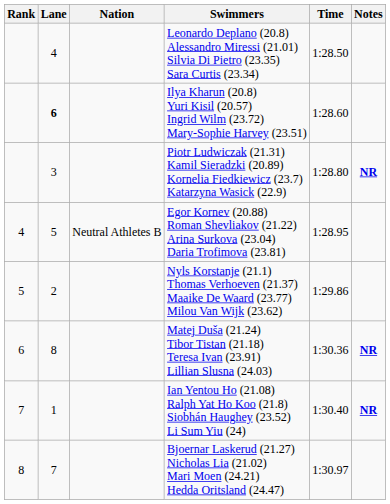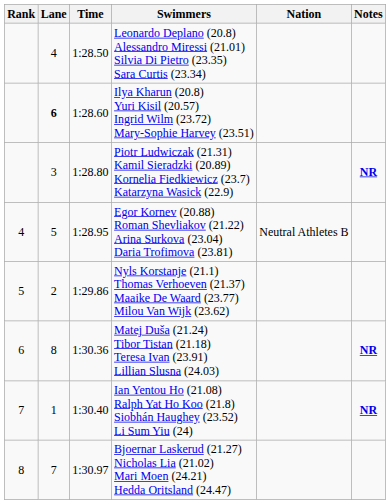 <table class="wikitable sortable" style="text-align:center">
 <tr>
 <th>Rank</th>
 <th>Lane</th>
+<th>Time</th>
+<th>Swimmers</th>
 <th>Nation</th>
-<th>Swimmers</th>
-<th>Time</th>
 <th>Notes</th>
 </tr>
 <tr>
 <td></td>
 <td>4</td>
+<td>1:28.50</td>
+<td align="left"><a href='#'>Leonardo Deplano</a> (20.8)<br><a href='#'>Alessandro Miressi</a> (21.01)<br><a href='#'>Silvia Di Pietro</a> (23.35)<br><a href='#'>Sara Curtis</a> (23.34)</td>
 <td align=left></td>
-<td align="left"><a href='#'>Leonardo Deplano</a> (20.8)<br><a href='#'>Alessandro Miressi</a> (21.01)<br><a href='#'>Silvia Di Pietro</a> (23.35)<br><a href='#'>Sara Curtis</a> (23.34)</td>
-<td>1:28.50</td>
 <td></td>
 </tr>
 <tr>
 <td></td>
 <td><strong>6</strong></td>
+<td>1:28.60</td>
+<td align="left"><a href='#'>Ilya Kharun</a> (20.8)<br><a href='#'>Yuri Kisil</a> (20.57)<br><a href='#'>Ingrid Wilm</a> (23.72)<br><a href='#'>Mary-Sophie Harvey</a> (23.51)</td>
 <td align=left></td>
-<td align="left"><a href='#'>Ilya Kharun</a> (20.8)<br><a href='#'>Yuri Kisil</a> (20.57)<br><a href='#'>Ingrid Wilm</a> (23.72)<br><a href='#'>Mary-Sophie Harvey</a> (23.51)</td>
-<td>1:28.60</td>
 <td></td>
 </tr>
 <tr>
 <td></td>
 <td>3</td>
+<td>1:28.80</td>
+<td align="left"><a href='#'>Piotr Ludwiczak</a> (21.31)<br><a href='#'>Kamil Sieradzki</a> (20.89)<br><a href='#'>Kornelia Fiedkiewicz</a> (23.7)<br><a href='#'>Katarzyna Wasick</a> (22.9)</td>
 <td align=left></td>
-<td align="left"><a href='#'>Piotr Ludwiczak</a> (21.31)<br><a href='#'>Kamil Sieradzki</a> (20.89)<br><a href='#'>Kornelia Fiedkiewicz</a> (23.7)<br><a href='#'>Katarzyna Wasick</a> (22.9)</td>
-<td>1:28.80</td>
 <td><strong><a href='#'>NR</a></strong></td>
 </tr>
 <tr>
 <td>4</td>
 <td>5</td>
+<td>1:28.95</td>
+<td align="left"><a href='#'>Egor Kornev</a> (20.88)<br><a href='#'>Roman Shevliakov</a> (21.22)<br><a href='#'>Arina Surkova</a> (23.04)<br><a href='#'>Daria Trofimova</a> (23.81)</td>
 <td align=left> Neutral Athletes B</td>
-<td align="left"><a href='#'>Egor Kornev</a> (20.88)<br><a href='#'>Roman Shevliakov</a> (21.22)<br><a href='#'>Arina Surkova</a> (23.04)<br><a href='#'>Daria Trofimova</a> (23.81)</td>
-<td>1:28.95</td>
 <td></td>
 </tr>
 <tr>
 <td>5</td>
 <td>2</td>
+<td>1:29.86</td>
+<td align="left"><a href='#'>Nyls Korstanje</a> (21.1)<br><a href='#'>Thomas Verhoeven</a> (21.37)<br><a href='#'>Maaike De Waard</a> (23.77)<br><a href='#'>Milou Van Wijk</a> (23.62)</td>
 <td align=left></td>
-<td align="left"><a href='#'>Nyls Korstanje</a> (21.1)<br><a href='#'>Thomas Verhoeven</a> (21.37)<br><a href='#'>Maaike De Waard</a> (23.77)<br><a href='#'>Milou Van Wijk</a> (23.62)</td>
-<td>1:29.86</td>
 <td></td>
 </tr>
 <tr>
 <td>6</td>
 <td>8</td>
+<td>1:30.36</td>
+<td align="left"><a href='#'>Matej Duša</a> (21.24)<br><a href='#'>Tibor Tistan</a> (21.18)<br><a href='#'>Teresa Ivan</a> (23.91)<br><a href='#'>Lillian Slusna</a> (24.03)</td>
 <td align=left></td>
-<td align="left"><a href='#'>Matej Duša</a> (21.24)<br><a href='#'>Tibor Tistan</a> (21.18)<br><a href='#'>Teresa Ivan</a> (23.91)<br><a href='#'>Lillian Slusna</a> (24.03)</td>
-<td>1:30.36</td>
 <td><strong><a href='#'>NR</a></strong></td>
 </tr>
 <tr>
 <td>7</td>
 <td>1</td>
+<td>1:30.40</td>
+<td align="left"><a href='#'>Ian Yentou Ho</a> (21.08)<br><a href='#'>Ralph Yat Ho Koo</a> (21.8)<br><a href='#'>Siobhán Haughey</a> (23.52)<br><a href='#'>Li Sum Yiu</a> (24)</td>
 <td align=left></td>
-<td align="left"><a href='#'>Ian Yentou Ho</a> (21.08)<br><a href='#'>Ralph Yat Ho Koo</a> (21.8)<br><a href='#'>Siobhán Haughey</a> (23.52)<br><a href='#'>Li Sum Yiu</a> (24)</td>
-<td>1:30.40</td>
 <td><strong><a href='#'>NR</a></strong></td>
 </tr>
 <tr>
 <td>8</td>
 <td>7</td>
+<td>1:30.97</td>
+<td align="left"><a href='#'>Bjoernar Laskerud</a> (21.27)<br><a href='#'>Nicholas Lia</a> (21.02)<br><a href='#'>Mari Moen</a> (24.21)<br><a href='#'>Hedda Oritsland</a> (24.47)</td>
 <td align=left></td>
-<td align="left"><a href='#'>Bjoernar Laskerud</a> (21.27)<br><a href='#'>Nicholas Lia</a> (21.02)<br><a href='#'>Mari Moen</a> (24.21)<br><a href='#'>Hedda Oritsland</a> (24.47)</td>
-<td>1:30.97</td>
 <td></td>
 </tr>
 </table>
